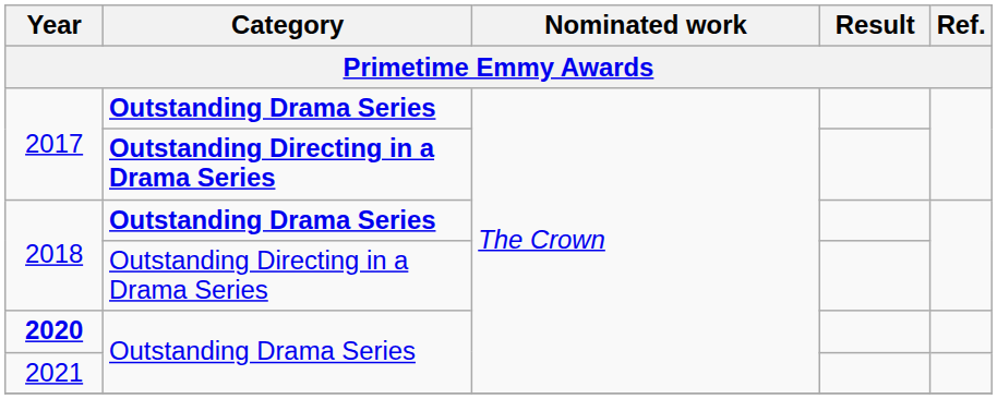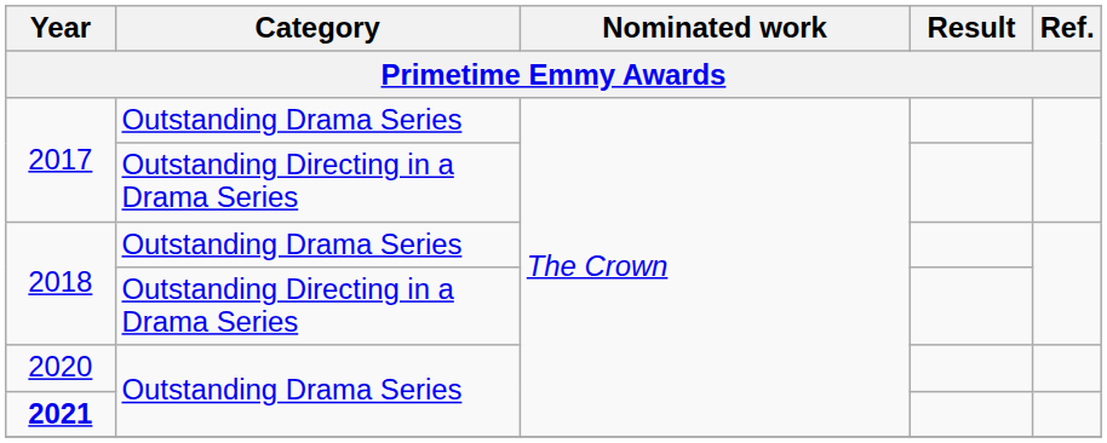 <table class=wikitable>
 <tr>
 <th scope="col" style="width:5em;">Year</th>
 <th scope="col" style="width:26em;">Category</th>
 <th scope="col" style="width:25em;">Nominated work</th>
 <th scope="col" style="width:5em;">Result</th>
 <th>Ref.</th>
 </tr>
 <tr>
 <th colspan=5><a href='#'>Primetime Emmy Awards</a></th>
 </tr>
 <tr>
 <td style="text-align:center;", rowspan=2><a href='#'>2017</a></td>
-<td><strong><a href='#'>Outstanding Drama Series</a></strong></td>
+<td><a href='#'>Outstanding Drama Series</a></td>
 <td rowspan=6><em><a href='#'>The Crown</a></em></td>
-<td></td>
-<td rowspan=2></td>
-</tr>
-<tr>
-<td><strong><a href='#'>Outstanding Directing in a Drama Series</a></strong></td>
-<td></td>
-</tr>
-<tr>
-<td style="text-align:center;", rowspan=2><a href='#'>2018</a></td>
-<td><strong><a href='#'>Outstanding Drama Series</a></strong></td>
 <td></td>
 <td rowspan=2></td>
 </tr>
 <tr>
 <td><a href='#'>Outstanding Directing in a Drama Series</a></td>
 <td></td>
 </tr>
 <tr>
-<td style="text-align:center;"><strong><a href='#'>2020</a></strong></td>
+<td style="text-align:center;", rowspan=2><a href='#'>2018</a></td>
+<td><a href='#'>Outstanding Drama Series</a></td>
+<td></td>
+<td rowspan=2></td>
+</tr>
+<tr>
+<td><a href='#'>Outstanding Directing in a Drama Series</a></td>
+<td></td>
+</tr>
+<tr>
+<td style="text-align:center;"><a href='#'>2020</a></td>
 <td rowspan=2><a href='#'>Outstanding Drama Series</a></td>
 <td></td>
 <td></td>
 </tr>
 <tr>
-<td style="text-align:center;"><a href='#'>2021</a></td>
+<td style="text-align:center;"><strong><a href='#'>2021</a></strong></td>
 <td></td>
 <td></td>
 </tr>
 <tr>
 </tr>
 </table>
